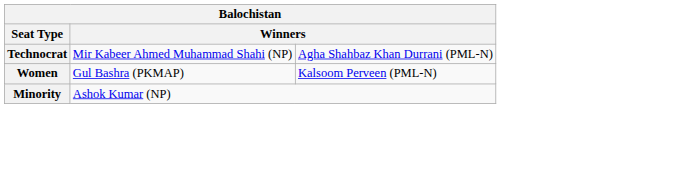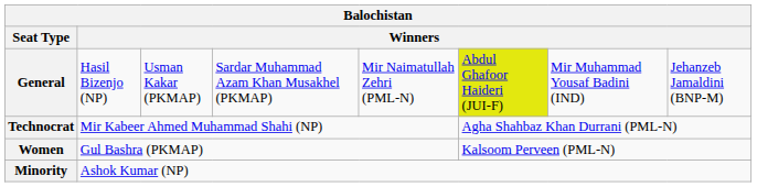 <table class="wikitable">
 <tr>
 <th colspan="8">Balochistan</th>
 </tr>
 <tr>
 <th>Seat Type</th>
 <th colspan="7">Winners</th>
+</tr>
+<tr>
+<th>General</th>
+<td style="background:"><a href='#'>Hasil Bizenjo</a><br>(NP)</td>
+<td style="background:"><a href='#'>Usman Kakar</a><br>(PKMAP)</td>
+<td style="background:"><a href='#'>Sardar Muhammad Azam Khan Musakhel</a><br>(PKMAP)</td>
+<td style="background:"><a href='#'>Mir Naimatullah Zehri</a><br>(PML-N)</td>
+<td style="background:#E3E80F"><a href='#'>Abdul Ghafoor Haideri</a><br>(JUI-F)</td>
+<td style="background:"><a href='#'>Mir Muhammad Yousaf Badini</a><br>(IND)</td>
+<td style="background:"><a href='#'>Jehanzeb Jamaldini</a><br>(BNP-M)</td>
 </tr>
 <tr>
 <th>Technocrat</th>
 <td colspan="4" style="background:"><a href='#'>Mir Kabeer Ahmed Muhammad Shahi</a> (NP)</td>
 <td colspan="3" style="background:"><a href='#'>Agha Shahbaz Khan Durrani</a> (PML-N)</td>
 </tr>
 <tr>
 <th>Women</th>
 <td colspan="4" style="background:"><a href='#'>Gul Bashra</a> (PKMAP)</td>
 <td colspan="3" style="background:"><a href='#'>Kalsoom Perveen</a> (PML-N)</td>
 </tr>
 <tr>
 <th>Minority</th>
 <td colspan="7" style="background:"><a href='#'>Ashok Kumar</a> (NP)</td>
 </tr>
 </table>
